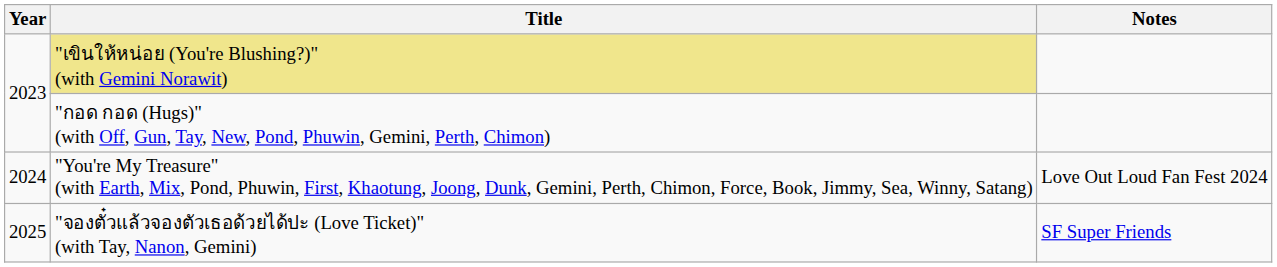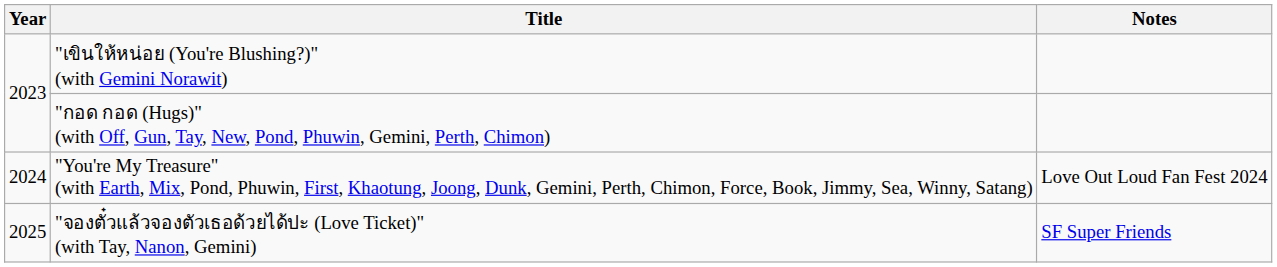 <table class="wikitable sortable">
 <tr>
 <th scope="col">Year</th>
 <th scope="col">Title</th>
 <th scope="col" class="unsortable">Notes</th>
 </tr>
 <tr>
 <td rowspan="2">2023</td>
-<td style="background: khaki;">"เขินให้หน่อย (You're Blushing?)"<br><span>(with <a href='#'>Gemini Norawit</a>)</span></td>
+<td>"เขินให้หน่อย (You're Blushing?)"<br><span>(with <a href='#'>Gemini Norawit</a>)</span></td>
 <td></td>
 </tr>
 <tr>
 <td>"กอด กอด (Hugs)"<br><span>(with <a href='#'>Off</a>, <a href='#'>Gun</a>, <a href='#'>Tay</a>, <a href='#'>New</a>, <a href='#'>Pond</a>, <a href='#'>Phuwin</a>, Gemini, <a href='#'>Perth</a>, <a href='#'>Chimon</a>)</span></td>
 <td></td>
 </tr>
 <tr>
 <td>2024</td>
 <td>"You're My Treasure"<br><span>(with <a href='#'>Earth</a>, <a href='#'>Mix</a>, Pond, Phuwin, <a href='#'>First</a>, <a href='#'>Khaotung</a>, <a href='#'>Joong</a>, <a href='#'>Dunk</a>, Gemini, Perth, Chimon, Force, Book, Jimmy, Sea, Winny, Satang)</span></td>
 <td>Love Out Loud Fan Fest 2024</td>
 </tr>
 <tr>
 <td>2025</td>
 <td>"จองตั๋วแล้วจองตัวเธอด้วยได้ปะ (Love Ticket)"<br><span>(with Tay, <a href='#'>Nanon</a>, Gemini)</span></td>
 <td><a href='#'>SF Super Friends</a></td>
 </tr>
 </table>
